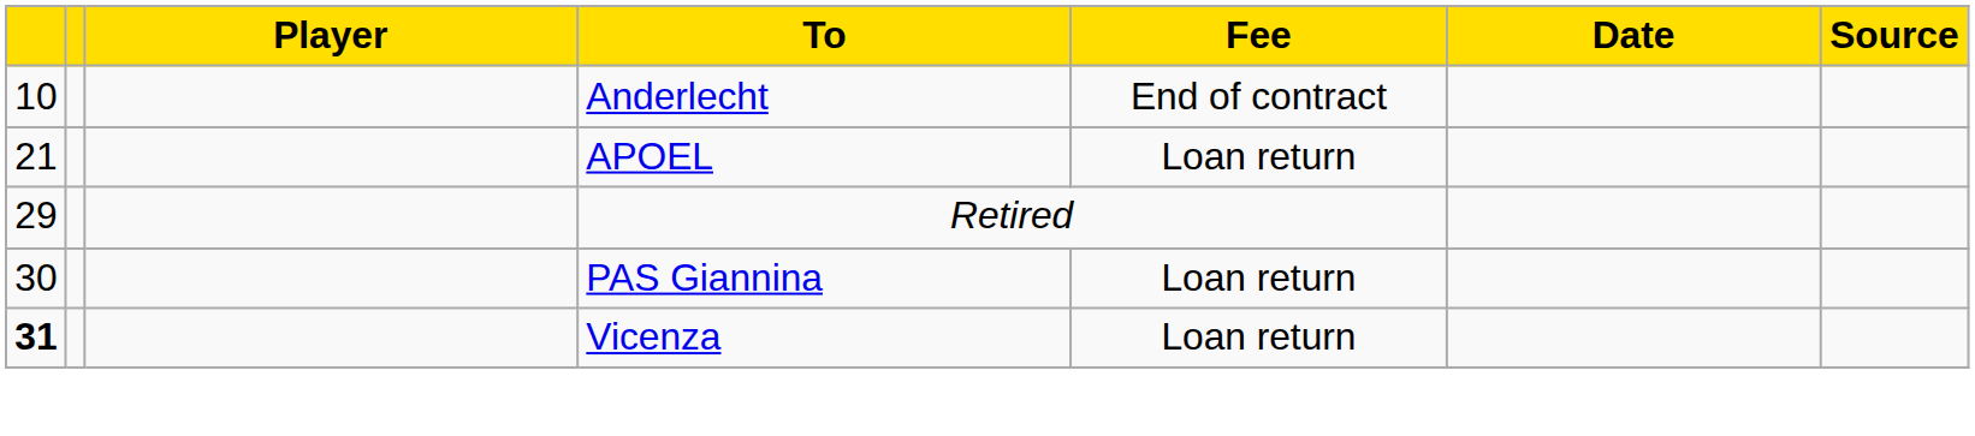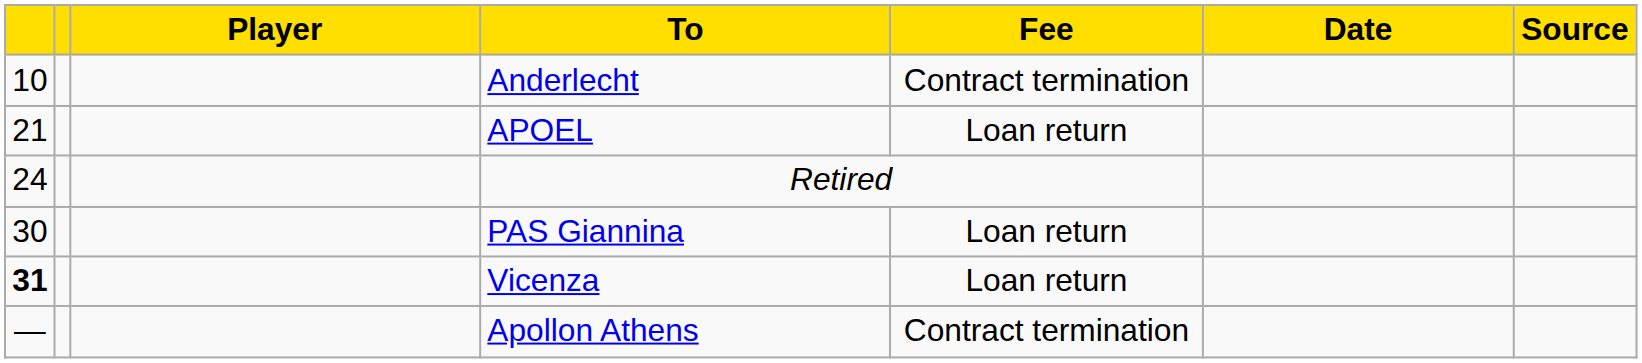 <table class="wikitable sortable">
 <tr>
 <th style="background:#FFDE00"></th>
 <th style="background:#FFDE00"></th>
 <th width=200 style="background:#FFDE00">Player</th>
 <th width=200 style="background:#FFDE00">To</th>
 <th width=150 style="background:#FFDE00">Fee</th>
 <th width=150 style="background:#FFDE00">Date</th>
 <th style="background:#FFDE00">Source</th>
 </tr>
 <tr>
 <td align=center>10</td>
 <td align=center></td>
 <td></td>
 <td> <a href='#'>Anderlecht</a></td>
-<td align=center>End of contract</td>
+<td align=center>Contract termination</td>
 <td align=center></td>
 <td align=center></td>
 </tr>
 <tr>
 <td align=center>21</td>
 <td align=center></td>
 <td></td>
 <td> <a href='#'>APOEL</a></td>
 <td align=center>Loan return</td>
 <td align=center></td>
 <td align=center></td>
 </tr>
 <tr>
-<td align=center>29</td>
+<td align=center>24</td>
 <td align=center></td>
 <td></td>
 <td align=center colspan=2><em>Retired</em></td>
 <td align=center></td>
 <td align=center></td>
 </tr>
 <tr>
 <td align=center>30</td>
 <td align=center></td>
 <td></td>
 <td> <a href='#'>PAS Giannina</a></td>
 <td align=center>Loan return</td>
 <td align=center></td>
 <td align=center></td>
 </tr>
 <tr>
 <td align=center><strong>31</strong></td>
 <td align=center></td>
 <td></td>
 <td> <a href='#'>Vicenza</a></td>
 <td align=center>Loan return</td>
 <td align=center></td>
 <td align=center></td>
 </tr>
+<tr>
+<td align=center>—</td>
+<td align=center></td>
+<td></td>
+<td> <a href='#'>Apollon Athens</a></td>
+<td align=center>Contract termination</td>
+<td align=center></td>
+<td align=center></td>
+</tr>
 </table>
